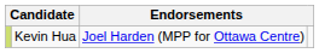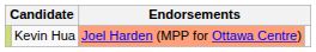 <table class="wikitable">
 <tr>
 <th colspan="2" align="center">Candidate</th>
 <th colspan="2" align="center">Endorsements</th>
 </tr>
 <tr>
 <td style="background-color:#cddf70;"></td>
 <td style="text-align:left;">Kevin Hua</td>
-<td><a href='#'>Joel Harden</a> (MPP for <a href='#'>Ottawa Centre</a>)</td>
+<td style="background: lightsalmon;"><a href='#'>Joel Harden</a> (MPP for <a href='#'>Ottawa Centre</a>)</td>
 <td></td>
 </tr>
 </table>
